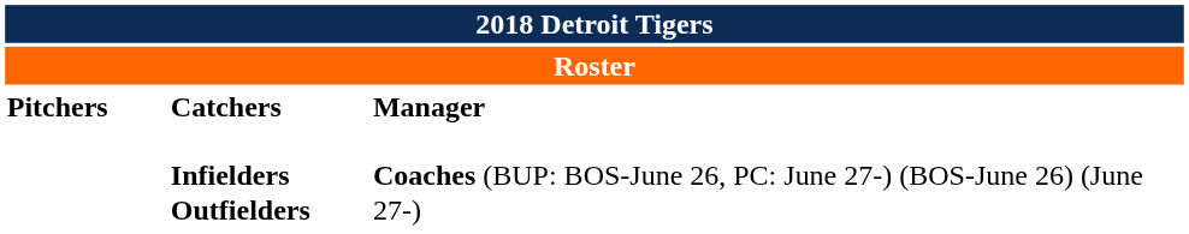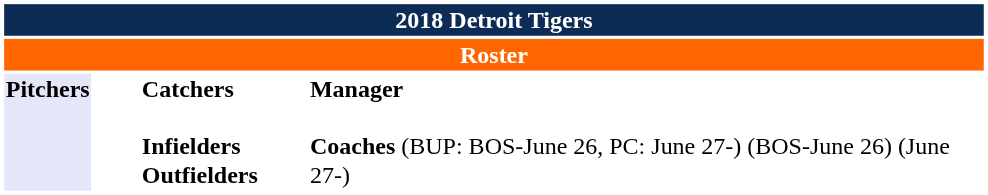 <table class="toccolours" style="font-size: 95%;">
 <tr>
 <th colspan="10" style="background-color: #0C2C56; color: white; text-align: center;">2018 Detroit Tigers</th>
 </tr>
 <tr>
 <td colspan="10" style="background-color: #FF6600; color: white; text-align: center;"><strong>Roster</strong></td>
 </tr>
 <tr>
-<td valign="top"><strong>Pitchers</strong><br>                          </td>
+<td valign="top" style="background: lavender;"><strong>Pitchers</strong><br>                          </td>
 <td width="25px"></td>
 <td valign="top"><strong>Catchers</strong><br> <br><strong>Infielders</strong>             <br><strong>Outfielders</strong>       </td>
 <td width="25px"></td>
 <td valign="top"><strong>Manager</strong><br><br><strong>Coaches</strong>   (BUP: BOS-June 26, PC: June 27-)   (BOS-June 26)               (June 27-)    </td>
 </tr>
 </table>
